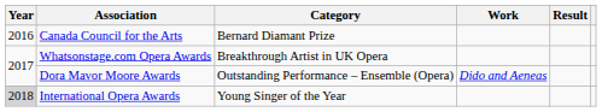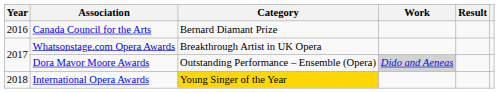 <table class="wikitable">
 <tr>
 <th>Year</th>
 <th>Association</th>
 <th>Category</th>
 <th>Work</th>
 <th>Result</th>
 <th class="unsortable"></th>
 </tr>
 <tr>
 <td>2016</td>
 <td><a href='#'>Canada Council for the Arts</a></td>
 <td>Bernard Diamant Prize</td>
 <td></td>
 <td></td>
 <td></td>
 </tr>
 <tr>
 <td rowspan="2">2017</td>
 <td><a href='#'>Whatsonstage.com Opera Awards</a></td>
 <td>Breakthrough Artist in UK Opera</td>
 <td></td>
 <td></td>
 <td></td>
 </tr>
 <tr>
 <td><a href='#'>Dora Mavor Moore Awards</a></td>
 <td>Outstanding Performance – Ensemble (Opera)</td>
-<td><em><a href='#'>Dido and Aeneas</a></em></td>
+<td style="background: lightgrey;"><em><a href='#'>Dido and Aeneas</a></em></td>
 <td></td>
 <td></td>
 </tr>
 <tr>
-<td style="background: lightgrey;">2018</td>
+<td>2018</td>
 <td><a href='#'>International Opera Awards</a></td>
-<td>Young Singer of the Year</td>
+<td style="background: gold;">Young Singer of the Year</td>
 <td></td>
 <td></td>
 <td></td>
 </tr>
 </table>
